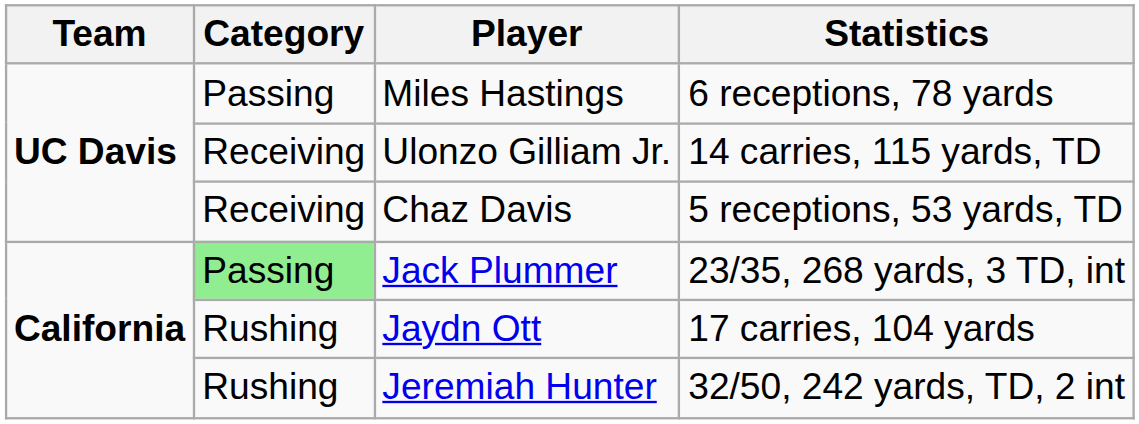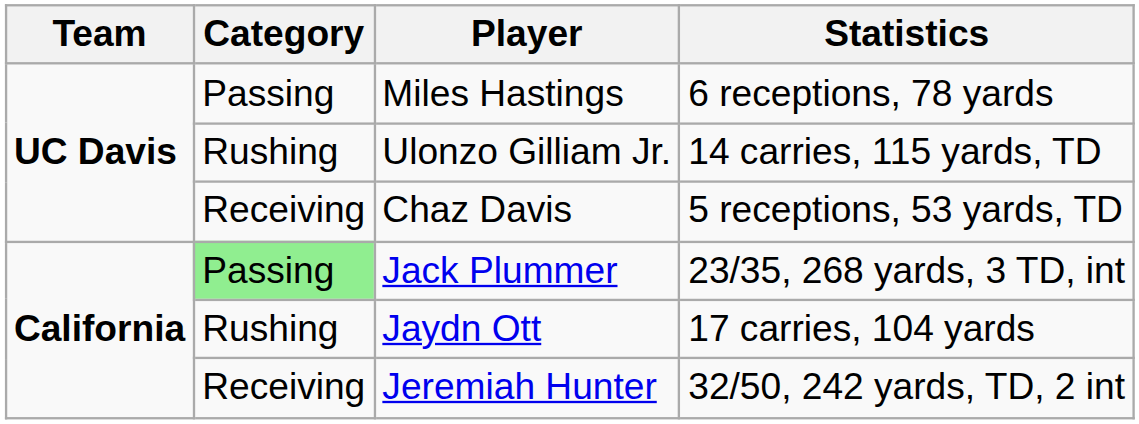 <table class="wikitable" style="float: right;">
 <tr>
 <th>Team</th>
 <th>Category</th>
 <th>Player</th>
 <th>Statistics</th>
 </tr>
 <tr>
 <td rowspan=3><strong>UC Davis</strong></td>
 <td>Passing</td>
 <td>Miles Hastings</td>
 <td>6 receptions, 78 yards</td>
 </tr>
 <tr>
-<td>Receiving</td>
+<td>Rushing</td>
 <td>Ulonzo Gilliam Jr.</td>
 <td>14 carries, 115 yards, TD</td>
 </tr>
 <tr>
 <td>Receiving</td>
 <td>Chaz Davis</td>
 <td>5 receptions, 53 yards, TD</td>
 </tr>
 <tr>
 <td rowspan=3><strong>California</strong></td>
 <td style="background: lightgreen;">Passing</td>
 <td><a href='#'>Jack Plummer</a></td>
 <td>23/35, 268 yards, 3 TD, int</td>
 </tr>
 <tr>
 <td>Rushing</td>
 <td><a href='#'>Jaydn Ott</a></td>
 <td>17 carries, 104 yards</td>
 </tr>
 <tr>
-<td>Rushing</td>
+<td>Receiving</td>
 <td><a href='#'>Jeremiah Hunter</a></td>
 <td>32/50, 242 yards, TD, 2 int</td>
 </tr>
 </table>
